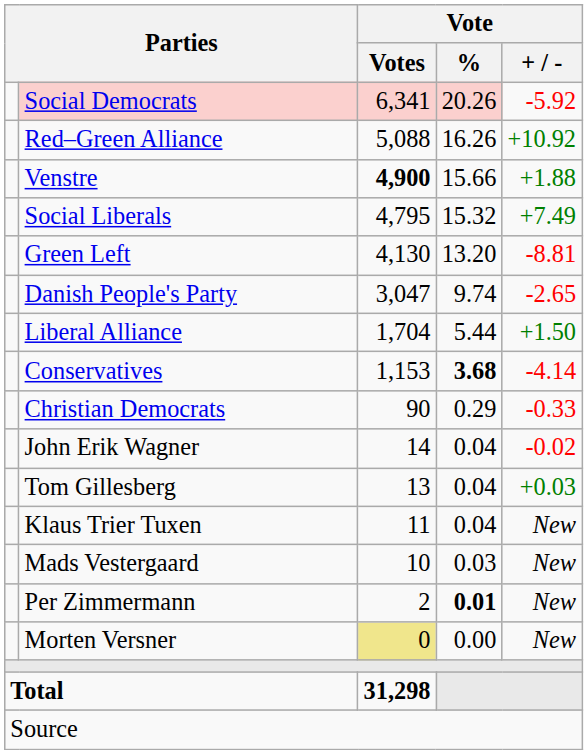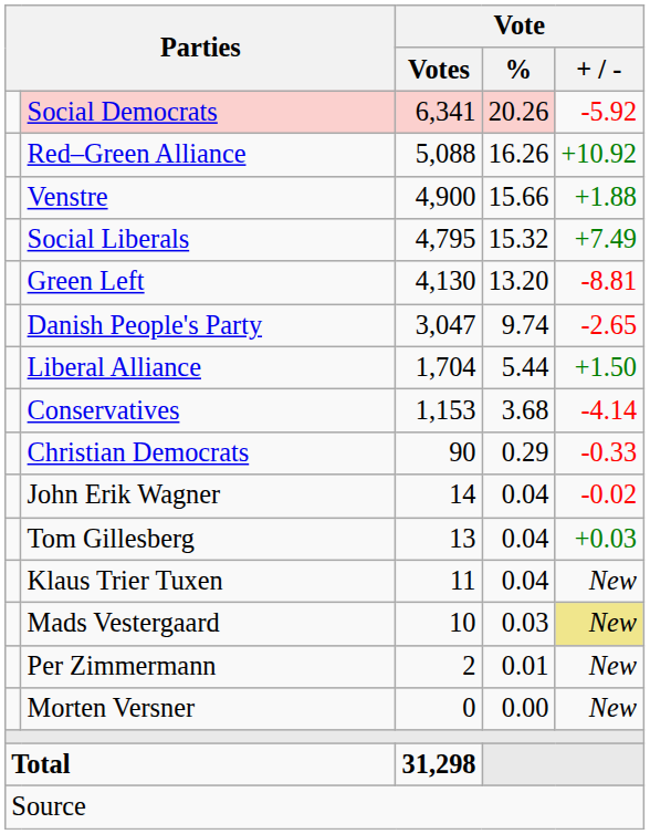 <table class="wikitable" style="text-align:right;">
 <tr>
 <th style="text-align:centre;" rowspan="2" colspan="2" width="225">Parties</th>
 <th colspan="3">Vote</th>
 </tr>
 <tr>
 <th width="15">Votes</th>
 <th width="15">%</th>
 <th width="15">+ / -</th>
 </tr>
 <tr>
 <td width="2" style="color:inherit;background:"></td>
 <td bgcolor=#fbd0ce  align="left"><a href='#'>Social Democrats</a></td>
 <td bgcolor=#fbd0ce>6,341</td>
 <td bgcolor=#fbd0ce>20.26</td>
 <td style=color:red;>-5.92</td>
 </tr>
 <tr>
 <td width="2" style="color:inherit;background:"></td>
 <td align="left"><a href='#'>Red–Green Alliance</a></td>
 <td>5,088</td>
 <td>16.26</td>
 <td style=color:green;>+10.92</td>
 </tr>
 <tr>
 <td width="2" style="color:inherit;background:"></td>
 <td align="left"><a href='#'>Venstre</a></td>
-<td><strong>4,900</strong></td>
+<td>4,900</td>
 <td>15.66</td>
 <td style=color:green;>+1.88</td>
 </tr>
 <tr>
 <td width="2" style="color:inherit;background:"></td>
 <td align="left"><a href='#'>Social Liberals</a></td>
 <td>4,795</td>
 <td>15.32</td>
 <td style=color:green;>+7.49</td>
 </tr>
 <tr>
 <td width="2" style="color:inherit;background:"></td>
 <td align="left"><a href='#'>Green Left</a></td>
 <td>4,130</td>
 <td>13.20</td>
 <td style=color:red;>-8.81</td>
 </tr>
 <tr>
 <td width="2" style="color:inherit;background:"></td>
 <td align="left"><a href='#'>Danish People's Party</a></td>
 <td>3,047</td>
 <td>9.74</td>
 <td style=color:red;>-2.65</td>
 </tr>
 <tr>
 <td width="2" style="color:inherit;background:"></td>
 <td align="left"><a href='#'>Liberal Alliance</a></td>
 <td>1,704</td>
 <td>5.44</td>
 <td style=color:green;>+1.50</td>
 </tr>
 <tr>
 <td width="2" style="color:inherit;background:"></td>
 <td align="left"><a href='#'>Conservatives</a></td>
 <td>1,153</td>
-<td><strong>3.68</strong></td>
+<td>3.68</td>
 <td style=color:red;>-4.14</td>
 </tr>
 <tr>
 <td width="2" style="color:inherit;background:"></td>
 <td align="left"><a href='#'>Christian Democrats</a></td>
 <td>90</td>
 <td>0.29</td>
 <td style=color:red;>-0.33</td>
 </tr>
 <tr>
 <td width="2" style="color:inherit;background:"></td>
 <td align="left">John Erik Wagner</td>
 <td>14</td>
 <td>0.04</td>
 <td style=color:red;>-0.02</td>
 </tr>
 <tr>
 <td width="2" style="color:inherit;background:"></td>
 <td align="left">Tom Gillesberg</td>
 <td>13</td>
 <td>0.04</td>
 <td style=color:green;>+0.03</td>
 </tr>
 <tr>
 <td width="2" style="color:inherit;background:"></td>
 <td align="left">Klaus Trier Tuxen</td>
 <td>11</td>
 <td>0.04</td>
 <td><em>New</em></td>
 </tr>
 <tr>
 <td width="2" style="color:inherit;background:"></td>
 <td align="left">Mads Vestergaard</td>
 <td>10</td>
 <td>0.03</td>
-<td><em>New</em></td>
+<td style="background: khaki;"><em>New</em></td>
 </tr>
 <tr>
 <td width="2" style="color:inherit;background:"></td>
 <td align="left">Per Zimmermann</td>
 <td>2</td>
-<td><strong>0.01</strong></td>
+<td>0.01</td>
 <td><em>New</em></td>
 </tr>
 <tr>
 <td width="2" style="color:inherit;background:"></td>
 <td align="left">Morten Versner</td>
-<td style="background: khaki;">0</td>
+<td>0</td>
 <td>0.00</td>
 <td><em>New</em></td>
 </tr>
 <tr>
 <td colspan="7" bgcolor="#E9E9E9"></td>
 </tr>
 <tr>
 <td align="left" colspan="2"><strong>Total</strong></td>
 <td><strong>31,298</strong></td>
 <td bgcolor="#E9E9E9" colspan="2"></td>
 </tr>
 <tr>
 <td align="left" colspan="6">Source</td>
 </tr>
 </table>
